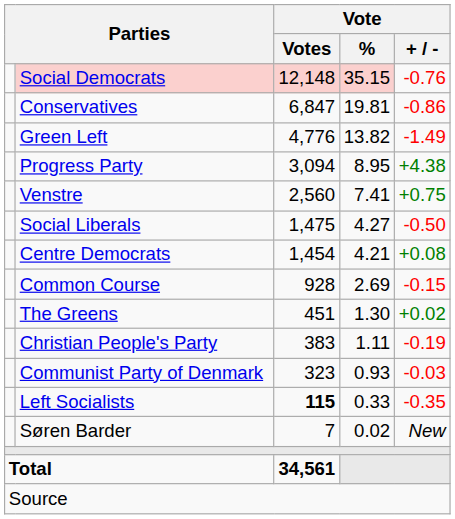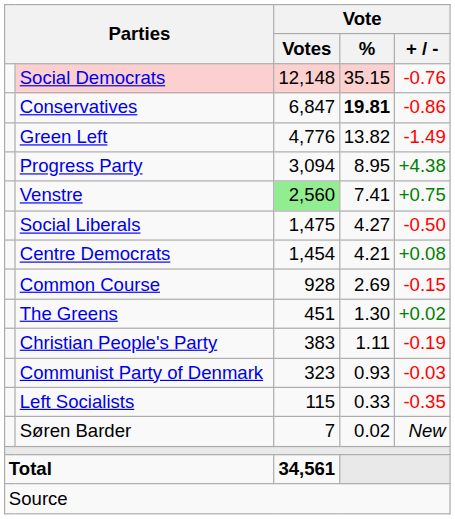 <table class="wikitable" style="text-align:right;">
 <tr>
 <th style="text-align:centre;" rowspan="2" colspan="2" width="225">Parties</th>
 <th colspan="3">Vote</th>
 </tr>
 <tr>
 <th width="15">Votes</th>
 <th width="15">%</th>
 <th width="15">+ / -</th>
 </tr>
 <tr>
 <td width="2" style="color:inherit;background:"></td>
 <td bgcolor=#fbd0ce  align="left"><a href='#'>Social Democrats</a></td>
 <td bgcolor=#fbd0ce>12,148</td>
 <td bgcolor=#fbd0ce>35.15</td>
 <td style=color:red;>-0.76</td>
 </tr>
 <tr>
 <td width="2" style="color:inherit;background:"></td>
 <td align="left"><a href='#'>Conservatives</a></td>
 <td>6,847</td>
-<td>19.81</td>
+<td><strong>19.81</strong></td>
 <td style=color:red;>-0.86</td>
 </tr>
 <tr>
 <td width="2" style="color:inherit;background:"></td>
 <td align="left"><a href='#'>Green Left</a></td>
 <td>4,776</td>
 <td>13.82</td>
 <td style=color:red;>-1.49</td>
 </tr>
 <tr>
 <td width="2" style="color:inherit;background:"></td>
 <td align="left"><a href='#'>Progress Party</a></td>
 <td>3,094</td>
 <td>8.95</td>
 <td style=color:green;>+4.38</td>
 </tr>
 <tr>
 <td width="2" style="color:inherit;background:"></td>
 <td align="left"><a href='#'>Venstre</a></td>
-<td>2,560</td>
+<td style="background: lightgreen;">2,560</td>
 <td>7.41</td>
 <td style=color:green;>+0.75</td>
 </tr>
 <tr>
 <td width="2" style="color:inherit;background:"></td>
 <td align="left"><a href='#'>Social Liberals</a></td>
 <td>1,475</td>
 <td>4.27</td>
 <td style=color:red;>-0.50</td>
 </tr>
 <tr>
 <td width="2" style="color:inherit;background:"></td>
 <td align="left"><a href='#'>Centre Democrats</a></td>
 <td>1,454</td>
 <td>4.21</td>
 <td style=color:green;>+0.08</td>
 </tr>
 <tr>
 <td width="2" style="color:inherit;background:"></td>
 <td align="left"><a href='#'>Common Course</a></td>
 <td>928</td>
 <td>2.69</td>
 <td style=color:red;>-0.15</td>
 </tr>
 <tr>
 <td width="2" style="color:inherit;background:"></td>
 <td align="left"><a href='#'>The Greens</a></td>
 <td>451</td>
 <td>1.30</td>
 <td style=color:green;>+0.02</td>
 </tr>
 <tr>
 <td width="2" style="color:inherit;background:"></td>
 <td align="left"><a href='#'>Christian People's Party</a></td>
 <td>383</td>
 <td>1.11</td>
 <td style=color:red;>-0.19</td>
 </tr>
 <tr>
 <td width="2" style="color:inherit;background:"></td>
 <td align="left"><a href='#'>Communist Party of Denmark</a></td>
 <td>323</td>
 <td>0.93</td>
 <td style=color:red;>-0.03</td>
 </tr>
 <tr>
 <td width="2" style="color:inherit;background:"></td>
 <td align="left"><a href='#'>Left Socialists</a></td>
-<td><strong>115</strong></td>
+<td>115</td>
 <td>0.33</td>
 <td style=color:red;>-0.35</td>
 </tr>
 <tr>
 <td width="2" style="color:inherit;background:"></td>
 <td align="left">Søren Barder</td>
 <td>7</td>
 <td>0.02</td>
 <td><em>New</em></td>
 </tr>
 <tr>
 <td colspan="7" bgcolor="#E9E9E9"></td>
 </tr>
 <tr>
 <td align="left" colspan="2"><strong>Total</strong></td>
 <td><strong>34,561</strong></td>
 <td bgcolor="#E9E9E9" colspan="2"></td>
 </tr>
 <tr>
 <td align="left" colspan="6">Source</td>
 </tr>
 </table>
